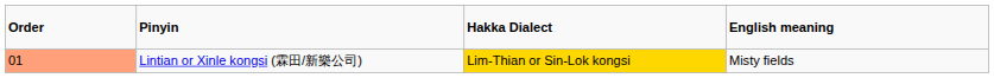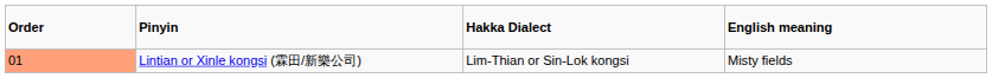 <table class="wikitable" width="95%">
 <tr>
 <td align="centre" height="47" width="10%"><span><strong>Order</strong></span></td>
 <td align="centre" height="47" width="25%"><strong>Pinyin</strong></td>
 <td align="centre" height="47" width="20%"><strong>Hakka Dialect</strong></td>
 <td align="centre" height="47" width="20%"><span><strong>English meaning</strong></span></td>
 </tr>
 <tr>
 <td style="background: lightsalmon;">01</td>
 <td><a href='#'>Lintian or Xinle kongsi</a> (霖田/新樂公司)</td>
-<td style="background: gold;">Lim-Thian or Sin-Lok kongsi</td>
+<td>Lim-Thian or Sin-Lok kongsi</td>
 <td align="centre">Misty fields</td>
 </tr>
 </table>
